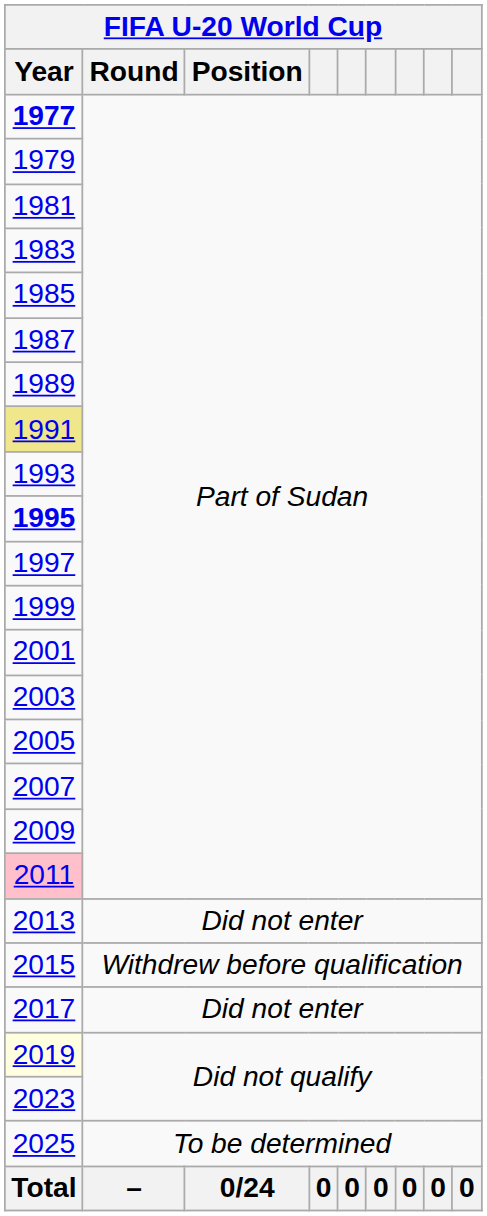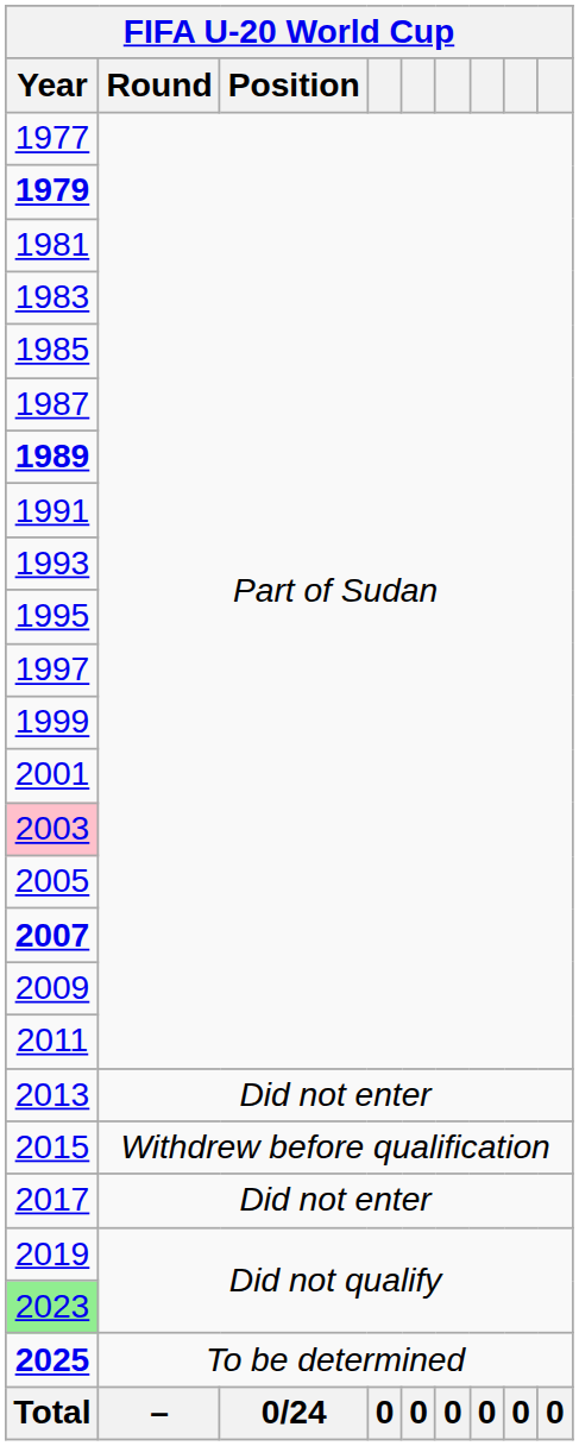 <table class="wikitable" style="text-align: center;">
 <tr>
 <th colspan=9><a href='#'>FIFA U-20 World Cup</a></th>
 </tr>
 <tr>
 <th>Year</th>
 <th>Round</th>
 <th>Position</th>
 <th></th>
 <th></th>
 <th></th>
 <th></th>
 <th></th>
 <th></th>
 </tr>
 <tr>
-<td><strong> <a href='#'>1977</a></strong></td>
+<td> <a href='#'>1977</a></td>
 <td rowspan=18 colspan=8><em>Part of Sudan</em></td>
 </tr>
 <tr>
-<td> <a href='#'>1979</a></td>
+<td><strong> <a href='#'>1979</a></strong></td>
 </tr>
 <tr>
 <td> <a href='#'>1981</a></td>
 </tr>
 <tr>
 <td> <a href='#'>1983</a></td>
 </tr>
 <tr>
 <td> <a href='#'>1985</a></td>
 </tr>
 <tr>
 <td> <a href='#'>1987</a></td>
 </tr>
 <tr>
-<td> <a href='#'>1989</a></td>
+<td><strong> <a href='#'>1989</a></strong></td>
 </tr>
 <tr>
-<td style="background: khaki;"> <a href='#'>1991</a></td>
+<td> <a href='#'>1991</a></td>
 </tr>
 <tr>
 <td> <a href='#'>1993</a></td>
 </tr>
 <tr>
-<td><strong> <a href='#'>1995</a></strong></td>
+<td> <a href='#'>1995</a></td>
 </tr>
 <tr>
 <td> <a href='#'>1997</a></td>
 </tr>
 <tr>
 <td> <a href='#'>1999</a></td>
 </tr>
 <tr>
 <td> <a href='#'>2001</a></td>
 </tr>
 <tr>
-<td> <a href='#'>2003</a></td>
+<td style="background: pink;"> <a href='#'>2003</a></td>
 </tr>
 <tr>
 <td> <a href='#'>2005</a></td>
 </tr>
 <tr>
-<td> <a href='#'>2007</a></td>
+<td><strong> <a href='#'>2007</a></strong></td>
 </tr>
 <tr>
 <td> <a href='#'>2009</a></td>
 </tr>
 <tr>
-<td style="background: pink;"> <a href='#'>2011</a></td>
+<td> <a href='#'>2011</a></td>
 </tr>
 <tr>
 <td> <a href='#'>2013</a></td>
 <td rowspan=1 colspan=8><em>Did not enter</em></td>
 </tr>
 <tr>
 <td> <a href='#'>2015</a></td>
 <td rowspan=1 colspan=8><em>Withdrew before qualification</em></td>
 </tr>
 <tr>
 <td> <a href='#'>2017</a></td>
 <td rowspan=1 colspan=8><em>Did not enter</em></td>
 </tr>
 <tr>
-<td style="background: lightyellow;"> <a href='#'>2019</a></td>
+<td> <a href='#'>2019</a></td>
 <td rowspan=2 colspan=8><em>Did not qualify</em></td>
 </tr>
 <tr>
-<td> <a href='#'>2023</a></td>
+<td style="background: lightgreen;"> <a href='#'>2023</a></td>
 </tr>
 <tr>
-<td> <a href='#'>2025</a></td>
+<td><strong> <a href='#'>2025</a></strong></td>
 <td colspan=8><em>To be determined</em></td>
 </tr>
 <tr>
 <th>Total</th>
 <th>–</th>
 <th>0/24</th>
 <th>0</th>
 <th>0</th>
 <th>0</th>
 <th>0</th>
 <th>0</th>
 <th>0</th>
 </tr>
 </table>
